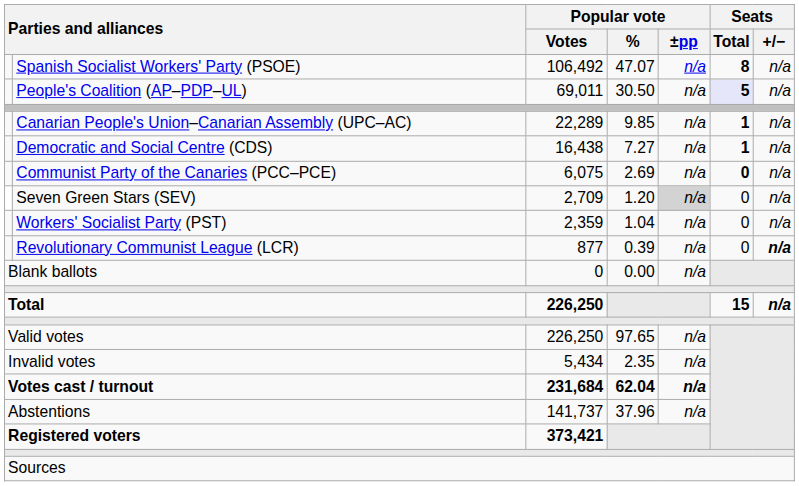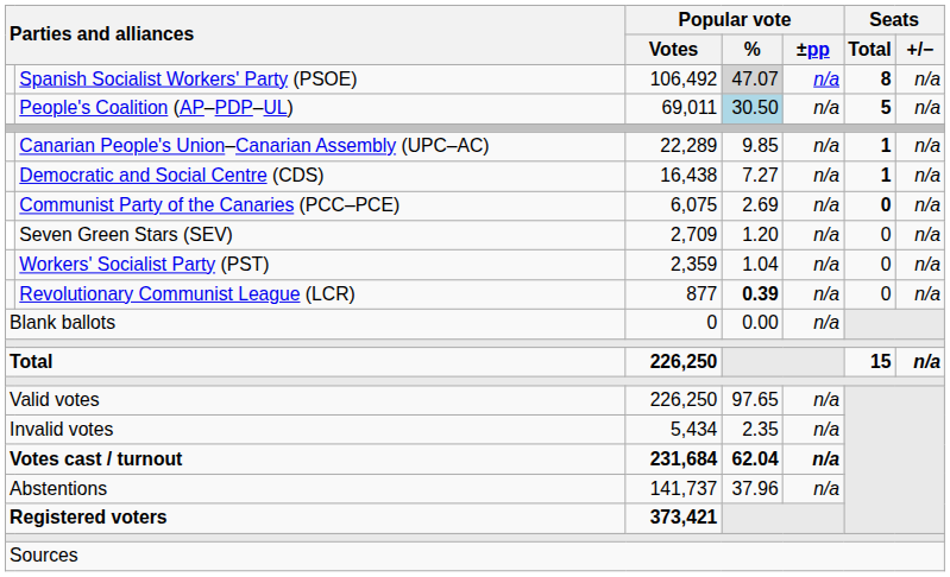 <table class="wikitable" style="text-align:right;">
 <tr>
 <th style="text-align:left;" rowspan="2" colspan="2" width="525">Parties and alliances</th>
 <th colspan="3">Popular vote</th>
 <th colspan="2">Seats</th>
 </tr>
 <tr>
 <th width="75">Votes</th>
 <th width="45">%</th>
 <th width="45">±<a href='#'>pp</a></th>
 <th width="35">Total</th>
 <th width="35">+/−</th>
 </tr>
 <tr>
 <td width="1" style="color:inherit;background:"></td>
 <td align="left"><a href='#'>Spanish Socialist Workers' Party</a> (PSOE)</td>
 <td>106,492</td>
-<td>47.07</td>
+<td style="background: lightgrey;">47.07</td>
 <td><em><a href='#'>n/a</a></em></td>
 <td><strong>8</strong></td>
 <td><em>n/a</em></td>
 </tr>
 <tr>
 <td style="color:inherit;background:"></td>
 <td align="left"><a href='#'>People's Coalition</a> (<a href='#'>AP</a>–<a href='#'>PDP</a>–<a href='#'>UL</a>)</td>
 <td>69,011</td>
-<td>30.50</td>
+<td style="background: lightblue;">30.50</td>
 <td><em>n/a</em></td>
-<td style="background: lavender;"><strong>5</strong></td>
+<td><strong>5</strong></td>
 <td><em>n/a</em></td>
 </tr>
 <tr>
 <td colspan="7" bgcolor="#C0C0C0"></td>
 </tr>
 <tr>
 <td style="color:inherit;background:"></td>
 <td align="left"><a href='#'>Canarian People's Union</a>–<a href='#'>Canarian Assembly</a> (UPC–AC)</td>
 <td>22,289</td>
 <td>9.85</td>
 <td><em>n/a</em></td>
 <td><strong>1</strong></td>
 <td><em>n/a</em></td>
 </tr>
 <tr>
 <td style="color:inherit;background:"></td>
 <td align="left"><a href='#'>Democratic and Social Centre</a> (CDS)</td>
 <td>16,438</td>
 <td>7.27</td>
 <td><em>n/a</em></td>
 <td><strong>1</strong></td>
 <td><em>n/a</em></td>
 </tr>
 <tr>
 <td style="color:inherit;background:"></td>
 <td align="left"><a href='#'>Communist Party of the Canaries</a> (PCC–PCE)</td>
 <td>6,075</td>
 <td>2.69</td>
 <td><em>n/a</em></td>
 <td><strong>0</strong></td>
 <td><em>n/a</em></td>
 </tr>
 <tr>
 <td bgcolor="white"></td>
 <td align="left">Seven Green Stars (SEV)</td>
 <td>2,709</td>
 <td>1.20</td>
-<td style="background: lightgrey;"><em>n/a</em></td>
+<td><em>n/a</em></td>
 <td>0</td>
 <td><em>n/a</em></td>
 </tr>
 <tr>
 <td style="color:inherit;background:"></td>
 <td align="left"><a href='#'>Workers' Socialist Party</a> (PST)</td>
 <td>2,359</td>
 <td>1.04</td>
 <td><em>n/a</em></td>
 <td>0</td>
 <td><em>n/a</em></td>
 </tr>
 <tr>
 <td style="color:inherit;background:"></td>
 <td align="left"><a href='#'>Revolutionary Communist League</a> (LCR)</td>
 <td>877</td>
-<td>0.39</td>
+<td><strong>0.39</strong></td>
 <td><em>n/a</em></td>
 <td>0</td>
-<td><strong><em>n/a</em></strong></td>
+<td><em>n/a</em></td>
 </tr>
 <tr>
 <td align="left" colspan="2">Blank ballots</td>
 <td>0</td>
 <td>0.00</td>
 <td><em>n/a</em></td>
 <td bgcolor="#E9E9E9" colspan="2"></td>
 </tr>
 <tr>
 <td colspan="7" bgcolor="#E9E9E9"></td>
 </tr>
 <tr style="font-weight:bold;">
 <td align="left" colspan="2">Total</td>
 <td>226,250</td>
 <td bgcolor="#E9E9E9" colspan="2"></td>
 <td>15</td>
 <td><em>n/a</em></td>
 </tr>
 <tr>
 <td colspan="7" bgcolor="#E9E9E9"></td>
 </tr>
 <tr>
 <td align="left" colspan="2">Valid votes</td>
 <td>226,250</td>
 <td>97.65</td>
 <td><em>n/a</em></td>
 <td bgcolor="#E9E9E9" colspan="2" rowspan="5"></td>
 </tr>
 <tr>
 <td align="left" colspan="2">Invalid votes</td>
 <td>5,434</td>
 <td>2.35</td>
 <td><em>n/a</em></td>
 </tr>
 <tr style="font-weight:bold;">
 <td align="left" colspan="2">Votes cast / turnout</td>
 <td>231,684</td>
 <td>62.04</td>
 <td><em>n/a</em></td>
 </tr>
 <tr>
 <td align="left" colspan="2">Abstentions</td>
 <td>141,737</td>
 <td>37.96</td>
 <td><em>n/a</em></td>
 </tr>
 <tr style="font-weight:bold;">
 <td align="left" colspan="2">Registered voters</td>
 <td>373,421</td>
 <td bgcolor="#E9E9E9" colspan="2"></td>
 </tr>
 <tr>
 <td colspan="7" bgcolor="#E9E9E9"></td>
 </tr>
 <tr>
 <td align="left" colspan="7">Sources</td>
 </tr>
 </table>
